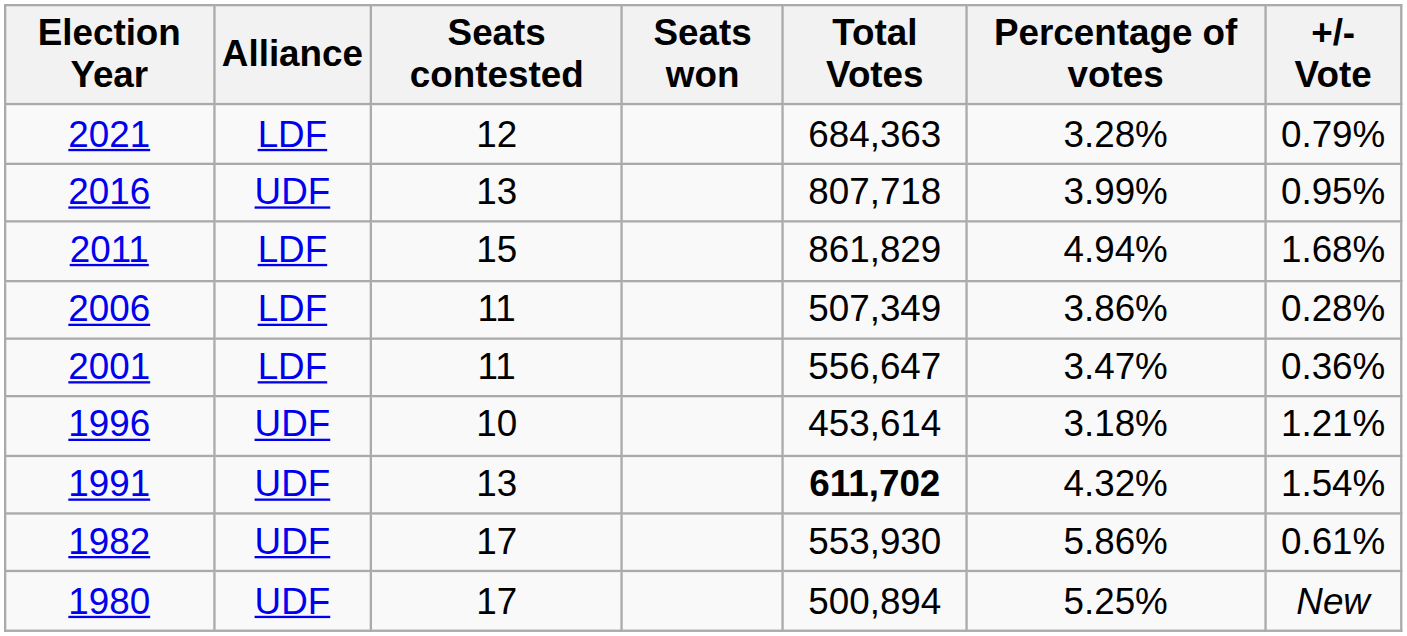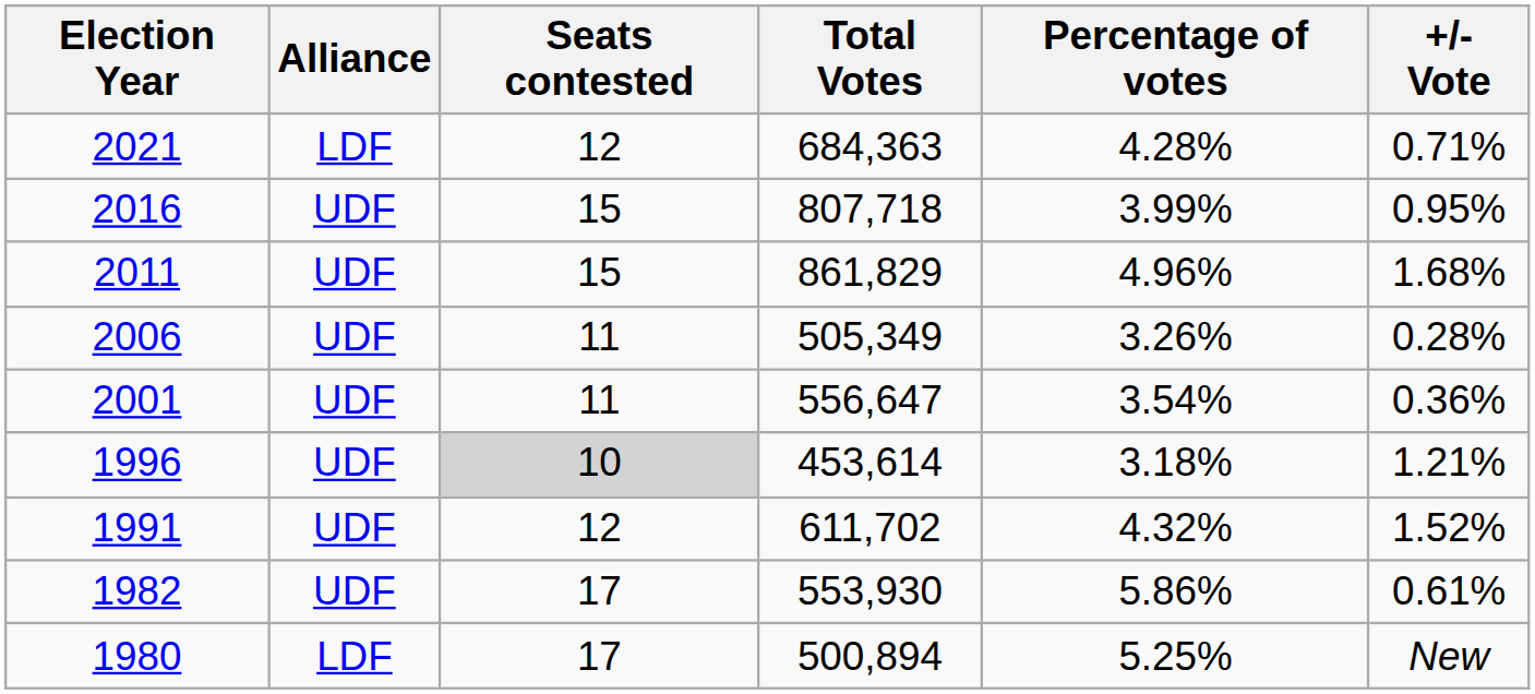 <table class="wikitable" style="text-align:center">
 <tr>
 <th Style="background-color:">Election Year</th>
 <th Style="background-color:">Alliance</th>
 <th Style="background-color:">Seats contested</th>
-<th Style="background-color:">Seats won</th>
 <th Style="background-color:">Total Votes</th>
 <th Style="background-color:">Percentage of votes</th>
 <th Style="background-color:">+/- Vote</th>
 </tr>
 <tr>
 <td><a href='#'>2021</a></td>
 <td><a href='#'>LDF</a></td>
 <td>12</td>
-<td></td>
 <td>684,363</td>
-<td>3.28%</td>
-<td> 0.79%</td>
+<td>4.28%</td>
+<td> 0.71%</td>
 </tr>
 <tr>
 <td><a href='#'>2016</a></td>
 <td><a href='#'>UDF</a></td>
-<td>13</td>
-<td></td>
+<td>15</td>
 <td>807,718</td>
 <td>3.99%</td>
 <td> 0.95%</td>
 </tr>
 <tr>
 <td><a href='#'>2011</a></td>
-<td><a href='#'>LDF</a></td>
+<td><a href='#'>UDF</a></td>
 <td>15</td>
-<td></td>
 <td>861,829</td>
-<td>4.94%</td>
+<td>4.96%</td>
 <td> 1.68%</td>
 </tr>
 <tr>
 <td><a href='#'>2006</a></td>
-<td><a href='#'>LDF</a></td>
+<td><a href='#'>UDF</a></td>
 <td>11</td>
-<td></td>
-<td>507,349</td>
-<td>3.86%</td>
+<td>505,349</td>
+<td>3.26%</td>
 <td> 0.28%</td>
 </tr>
 <tr>
 <td><a href='#'>2001</a></td>
-<td><a href='#'>LDF</a></td>
+<td><a href='#'>UDF</a></td>
 <td>11</td>
-<td></td>
 <td>556,647</td>
-<td>3.47%</td>
+<td>3.54%</td>
 <td> 0.36%</td>
 </tr>
 <tr>
 <td><a href='#'>1996</a></td>
 <td><a href='#'>UDF</a></td>
-<td>10</td>
-<td></td>
+<td style="background: lightgrey;">10</td>
 <td>453,614</td>
 <td>3.18%</td>
 <td> 1.21%</td>
 </tr>
 <tr>
 <td><a href='#'>1991</a></td>
 <td><a href='#'>UDF</a></td>
-<td>13</td>
-<td></td>
-<td><strong>611,702</strong></td>
+<td>12</td>
+<td>611,702</td>
 <td>4.32%</td>
-<td> 1.54%</td>
+<td> 1.52%</td>
 </tr>
 <tr>
 <td><a href='#'>1982</a></td>
 <td><a href='#'>UDF</a></td>
 <td>17</td>
-<td></td>
 <td>553,930</td>
 <td>5.86%</td>
 <td> 0.61%</td>
 </tr>
 <tr>
 <td><a href='#'>1980</a></td>
-<td><a href='#'>UDF</a></td>
+<td><a href='#'>LDF</a></td>
 <td>17</td>
-<td></td>
 <td>500,894</td>
 <td>5.25%</td>
 <td><em>New</em></td>
 </tr>
 </table>
